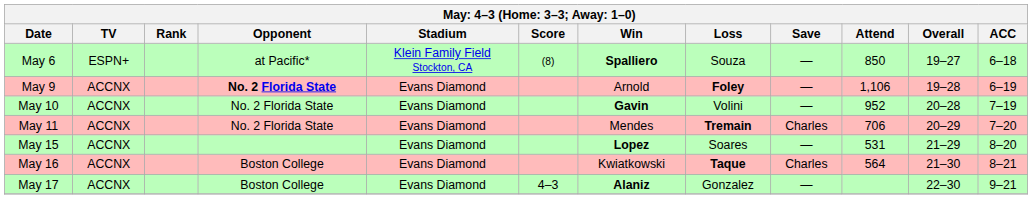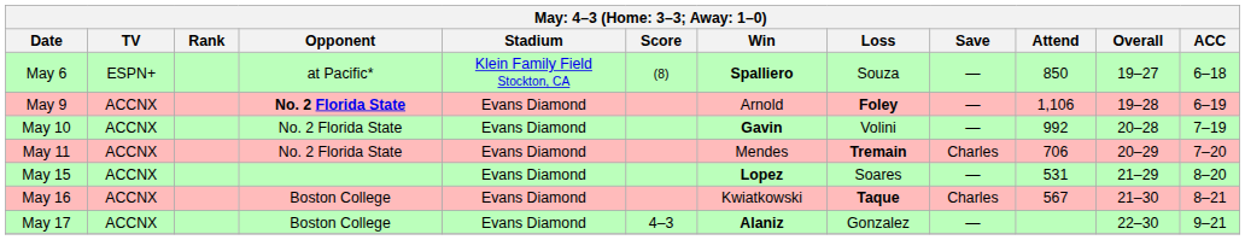 <table class="wikitable collapsible collapsed" style="margin:auto; width:100%; text-align:center; font-size:95%">
 <tr>
 <th colspan=12 style="padding-left:4em;">May: 4–3 (Home: 3–3; Away: 1–0)</th>
 </tr>
 <tr>
 <th>Date</th>
 <th>TV</th>
 <th>Rank</th>
 <th>Opponent</th>
 <th>Stadium</th>
 <th>Score</th>
 <th>Win</th>
 <th>Loss</th>
 <th>Save</th>
 <th>Attend</th>
 <th>Overall</th>
 <th>ACC</th>
 </tr>
 <tr style="background:#bfb">
 <td>May 6</td>
 <td>ESPN+</td>
 <td></td>
 <td>at Pacific*</td>
 <td><a href='#'>Klein Family Field</a><br><small><a href='#'>Stockton, CA</a></small></td>
 <td> <small>(8)</small></td>
 <td><strong>Spalliero</strong></td>
 <td>Souza</td>
 <td>—</td>
 <td>850</td>
 <td>19–27</td>
 <td>6–18</td>
 </tr>
 <tr style="background:#fbb">
 <td>May 9</td>
 <td>ACCNX</td>
 <td></td>
 <td><strong>No. 2 <a href='#'>Florida State</a></strong></td>
 <td>Evans Diamond</td>
 <td></td>
 <td>Arnold</td>
 <td><strong>Foley</strong></td>
 <td>—</td>
 <td>1,106</td>
 <td>19–28</td>
 <td>6–19</td>
 </tr>
 <tr style="background:#bfb">
 <td>May 10</td>
 <td>ACCNX</td>
 <td></td>
 <td>No. 2 Florida State</td>
 <td>Evans Diamond</td>
 <td></td>
 <td><strong>Gavin</strong></td>
 <td>Volini</td>
 <td>—</td>
-<td>952</td>
+<td>992</td>
 <td>20–28</td>
 <td>7–19</td>
 </tr>
 <tr style="background:#fbb">
 <td>May 11</td>
 <td>ACCNX</td>
 <td></td>
 <td>No. 2 Florida State</td>
 <td>Evans Diamond</td>
 <td></td>
 <td>Mendes</td>
 <td><strong>Tremain</strong></td>
 <td>Charles</td>
 <td>706</td>
 <td>20–29</td>
 <td>7–20</td>
 </tr>
 <tr style="background:#bfb">
 <td>May 15</td>
 <td>ACCNX</td>
 <td></td>
 <td></td>
 <td>Evans Diamond</td>
 <td></td>
 <td><strong>Lopez</strong></td>
 <td>Soares</td>
 <td>—</td>
 <td>531</td>
 <td>21–29</td>
 <td>8–20</td>
 </tr>
 <tr style="background:#fbb">
 <td>May 16</td>
 <td>ACCNX</td>
 <td></td>
 <td>Boston College</td>
 <td>Evans Diamond</td>
 <td></td>
 <td>Kwiatkowski</td>
 <td><strong>Taque</strong></td>
 <td>Charles</td>
-<td>564</td>
+<td>567</td>
 <td>21–30</td>
 <td>8–21</td>
 </tr>
 <tr style="background:#bfb">
 <td>May 17</td>
 <td>ACCNX</td>
 <td></td>
 <td>Boston College</td>
 <td>Evans Diamond</td>
 <td>4–3</td>
 <td><strong>Alaniz</strong></td>
 <td>Gonzalez</td>
 <td>—</td>
 <td></td>
 <td>22–30</td>
 <td>9–21</td>
 </tr>
 <tr>
 </tr>
 </table>
